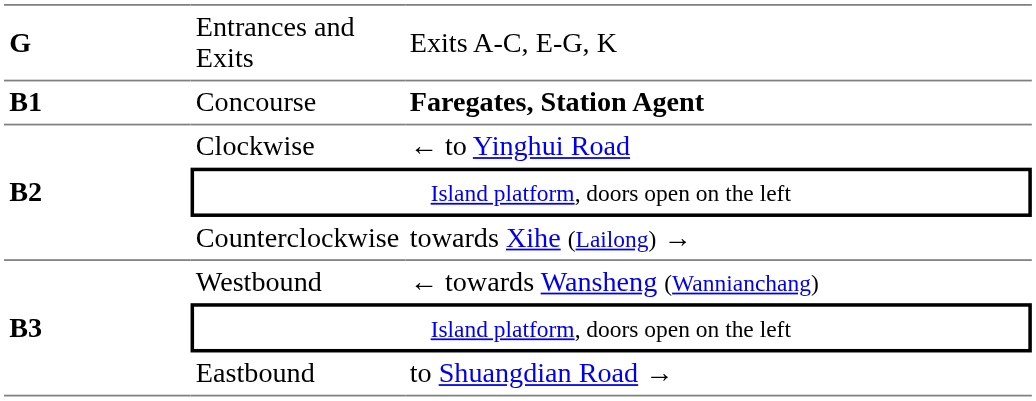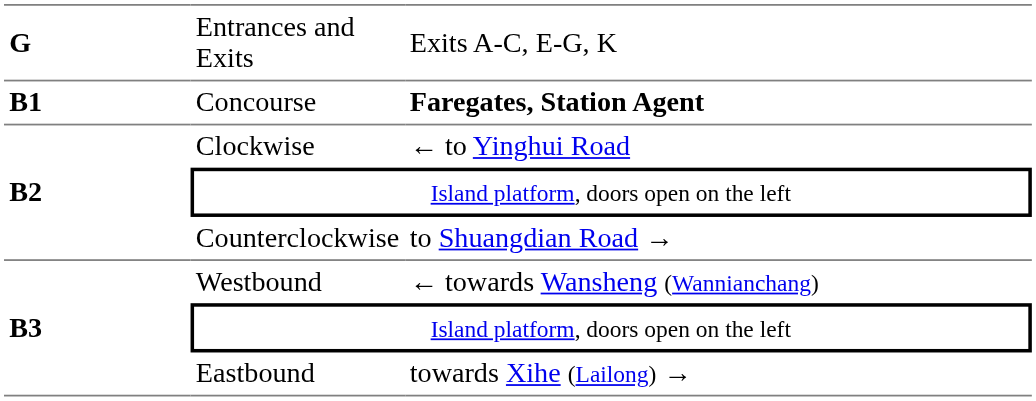 <table cellspacing=0 cellpadding=3>
 <tr>
 <td style="border-top:solid 1px gray;border-bottom:solid 1px gray;" width=100><strong>G</strong></td>
 <td style="border-top:solid 1px gray;border-bottom:solid 1px gray;" width=100>Entrances and Exits</td>
 <td style="border-top:solid 1px gray;border-bottom:solid 1px gray;" width=350>Exits A-C, E-G, K</td>
 </tr>
 <tr>
 <td style="border-bottom:solid 1px gray;"><strong>B1</strong></td>
 <td style="border-bottom:solid 1px gray;">Concourse</td>
 <td style="border-bottom:solid 1px gray;"><strong>Faregates, Station Agent</strong></td>
 </tr>
 <tr>
 <td style="border-bottom:solid 1px gray;" rowspan=3><strong>B2</strong></td>
 <td>Clockwise</td>
 <td>←  to <a href='#'>Yinghui Road</a></td>
 </tr>
 <tr>
 <td style="border-right:solid 2px black;border-left:solid 2px black;border-top:solid 2px black;border-bottom:solid 2px black;text-align:center;" colspan=2><small><a href='#'>Island platform</a>, doors open on the left</small></td>
 </tr>
 <tr>
 <td style="border-bottom:solid 1px gray;">Counterclockwise</td>
-<td style="border-bottom:solid 1px gray;">  towards <a href='#'>Xihe</a> <small>(<a href='#'>Lailong</a>)</small> →</td>
+<td style="border-bottom:solid 1px gray;">  to <a href='#'>Shuangdian Road</a> →</td>
 </tr>
 <tr>
 <td style="border-bottom:solid 1px gray;" rowspan=3><strong>B3</strong></td>
 <td>Westbound</td>
 <td>←  towards <a href='#'>Wansheng</a> <small>(<a href='#'>Wannianchang</a>)</small></td>
 </tr>
 <tr>
 <td style="border-right:solid 2px black;border-left:solid 2px black;border-top:solid 2px black;border-bottom:solid 2px black;text-align:center;" colspan=2><small><a href='#'>Island platform</a>, doors open on the left</small></td>
 </tr>
 <tr>
 <td style="border-bottom:solid 1px gray;">Eastbound</td>
-<td style="border-bottom:solid 1px gray;">  to <a href='#'>Shuangdian Road</a> →</td>
+<td style="border-bottom:solid 1px gray;">  towards <a href='#'>Xihe</a> <small>(<a href='#'>Lailong</a>)</small> →</td>
 </tr>
 </table>
